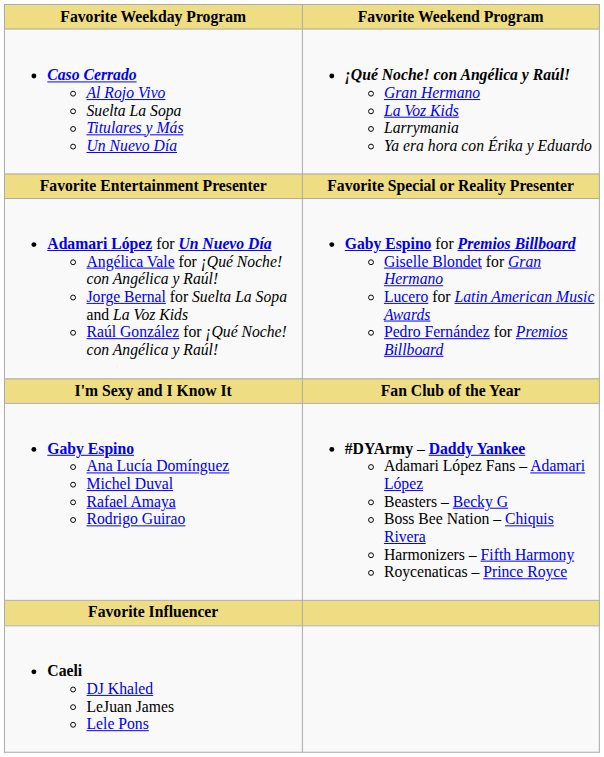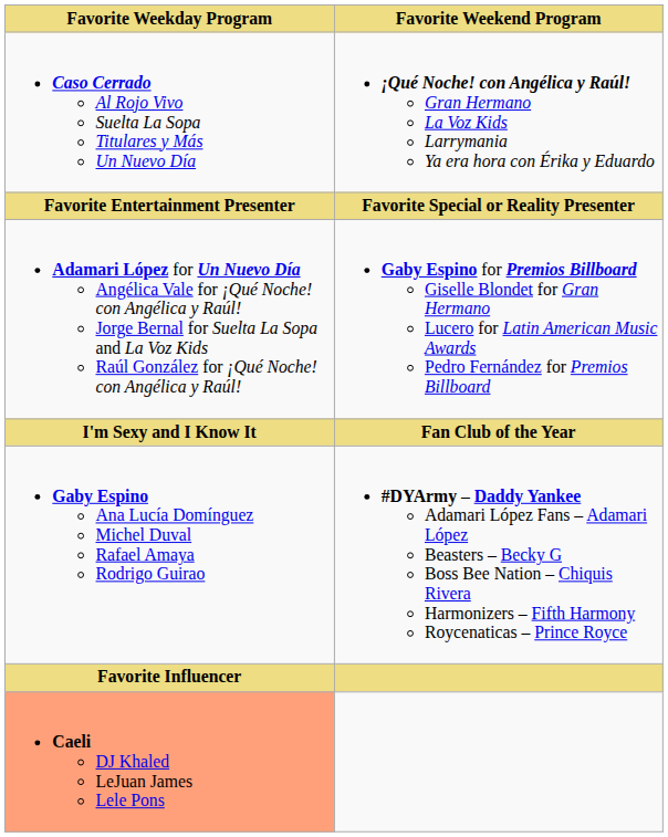 <table class=wikitable>
 <tr>
 <th style="background:#EEDD82; width:50%">Favorite Weekday Program</th>
 <th style="background:#EEDD82; width:50%">Favorite Weekend Program</th>
 </tr>
 <tr>
 <td valign="top"><br><ul><li><strong><em><a href='#'>Caso Cerrado</a></em></strong><ul><li><em><a href='#'>Al Rojo Vivo</a></em></li><li><em>Suelta La Sopa</em></li><li><em><a href='#'>Titulares y Más</a></em></li><li><em><a href='#'>Un Nuevo Día</a></em></li></ul></li></ul></td>
 <td valign="top"><br><ul><li><strong><em>¡Qué Noche! con Angélica y Raúl!</em></strong><ul><li><em><a href='#'>Gran Hermano</a></em></li><li><em><a href='#'>La Voz Kids</a></em></li><li><em>Larrymania</em></li><li><em>Ya era hora con Érika y Eduardo</em></li></ul></li></ul></td>
 </tr>
 <tr>
 <th style="background:#EEDD82; width:50%">Favorite Entertainment Presenter</th>
 <th style="background:#EEDD82; width:50%">Favorite Special or Reality Presenter</th>
 </tr>
 <tr>
 <td valign="top"><br><ul><li><strong><a href='#'>Adamari López</a></strong> for <strong><em><a href='#'>Un Nuevo Día</a></em></strong><ul><li><a href='#'>Angélica Vale</a> for <em>¡Qué Noche! con Angélica y Raúl!</em></li><li><a href='#'>Jorge Bernal</a> for <em>Suelta La Sopa</em> and <em>La Voz Kids</em></li><li><a href='#'>Raúl González</a> for <em>¡Qué Noche! con Angélica y Raúl!</em></li></ul></li></ul></td>
 <td valign="top"><br><ul><li><strong><a href='#'>Gaby Espino</a></strong> for <strong><em><a href='#'>Premios Billboard</a></em></strong><ul><li><a href='#'>Giselle Blondet</a> for <em><a href='#'>Gran Hermano</a></em></li><li><a href='#'>Lucero</a> for <em><a href='#'>Latin American Music Awards</a></em></li><li><a href='#'>Pedro Fernández</a> for <em><a href='#'>Premios Billboard</a></em></li></ul></li></ul></td>
 </tr>
 <tr>
 <th style="background:#EEDD82; width:50%">I'm Sexy and I Know It</th>
 <th style="background:#EEDD82; width:50%">Fan Club of the Year</th>
 </tr>
 <tr>
 <td valign="top"><br><ul><li><strong><a href='#'>Gaby Espino</a></strong><ul><li><a href='#'>Ana Lucía Domínguez</a></li><li><a href='#'>Michel Duval</a></li><li><a href='#'>Rafael Amaya</a></li><li><a href='#'>Rodrigo Guirao</a></li></ul></li></ul></td>
 <td valign="top"><br><ul><li><strong>#DYArmy</strong> – <strong><a href='#'>Daddy Yankee</a></strong><ul><li>Adamari López Fans – <a href='#'>Adamari López</a></li><li>Beasters – <a href='#'>Becky G</a></li><li>Boss Bee Nation – <a href='#'>Chiquis Rivera</a></li><li>Harmonizers – <a href='#'>Fifth Harmony</a></li><li>Roycenaticas – <a href='#'>Prince Royce</a></li></ul></li></ul></td>
 </tr>
 <tr>
 <th style="background:#EEDD82; width:50%">Favorite Influencer </th>
 <th style="background:#EEDD82; width:50%"></th>
 </tr>
 <tr>
-<td valign="top"><br><ul><li><strong>Caeli</strong><ul><li><a href='#'>DJ Khaled</a></li><li>LeJuan James</li><li><a href='#'>Lele Pons</a></li></ul></li></ul></td>
+<td valign="top" style="background: lightsalmon;"><br><ul><li><strong>Caeli</strong><ul><li><a href='#'>DJ Khaled</a></li><li>LeJuan James</li><li><a href='#'>Lele Pons</a></li></ul></li></ul></td>
 </tr>
 </table>
